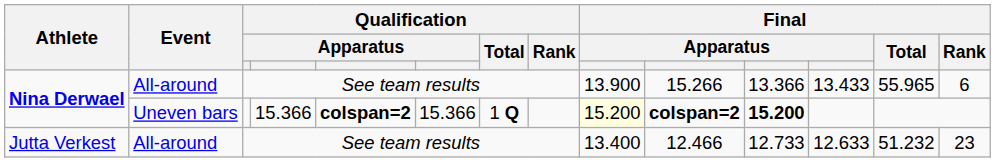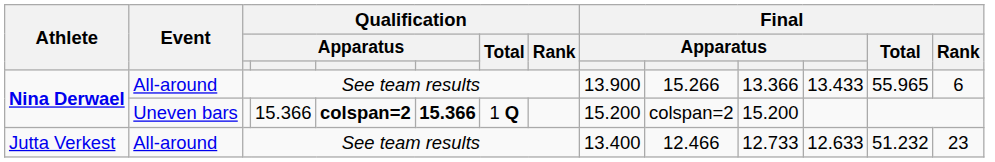 <table class="wikitable" style="font-size:90%">
 <tr>
 <th rowspan=3>Athlete</th>
 <th rowspan=3>Event</th>
 <th colspan=6>Qualification</th>
 <th colspan=6>Final</th>
 </tr>
 <tr style="font-size:95%">
 <th colspan=4>Apparatus</th>
 <th rowspan=2>Total</th>
 <th rowspan=2>Rank</th>
 <th colspan=4>Apparatus</th>
 <th rowspan=2>Total</th>
 <th rowspan=2>Rank</th>
 </tr>
 <tr style="font-size:95%">
 <th></th>
 <th></th>
 <th></th>
 <th></th>
 <th></th>
 <th></th>
 <th></th>
 <th></th>
 </tr>
 <tr align=center>
 <td align=left rowspan=2><strong><a href='#'>Nina Derwael</a></strong></td>
 <td align=left><a href='#'>All-around</a></td>
 <td colspan=6><em>See team results</em></td>
 <td>13.900</td>
 <td>15.266</td>
 <td>13.366</td>
 <td>13.433</td>
 <td>55.965</td>
 <td>6</td>
 </tr>
 <tr align=center>
 <td align=left><a href='#'>Uneven bars</a></td>
 <td></td>
 <td>15.366</td>
 <td><strong>colspan=2</strong></td>
-<td>15.366</td>
+<td><strong>15.366</strong></td>
 <td>1 <strong>Q</strong></td>
 <td></td>
-<td style="background: lightyellow;">15.200</td>
-<td><strong>colspan=2</strong></td>
-<td><strong>15.200</strong></td>
+<td>15.200</td>
+<td>colspan=2</td>
+<td>15.200</td>
 <td></td>
 </tr>
 <tr align=center>
 <td align=left><a href='#'>Jutta Verkest</a></td>
 <td align=left><a href='#'>All-around</a></td>
 <td colspan=6><em>See team results</em></td>
 <td>13.400</td>
 <td>12.466</td>
 <td>12.733</td>
 <td>12.633</td>
 <td>51.232</td>
 <td>23</td>
 </tr>
 </table>
